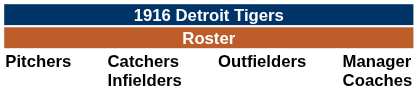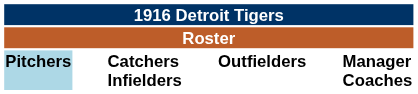 <table class="toccolours" style="font-size: 95%;">
 <tr>
 <th colspan="10" style="background-color: #003366; color: white; text-align: center;">1916 Detroit Tigers</th>
 </tr>
 <tr>
 <td colspan="10" style="background-color: #bd5d29; color: white; text-align: center;"><strong>Roster</strong></td>
 </tr>
 <tr>
-<td valign="top"><strong>Pitchers</strong><br>             </td>
+<td valign="top" style="background: lightblue;"><strong>Pitchers</strong><br>             </td>
 <td width="25px"></td>
 <td valign="top"><strong>Catchers</strong><br>     <strong>Infielders</strong>        </td>
 <td width="25px"></td>
 <td valign="top"><strong>Outfielders</strong><br>      </td>
 <td width="25px"></td>
 <td valign="top"><strong>Manager</strong><br> <strong>Coaches</strong>  </td>
 </tr>
 </table>
